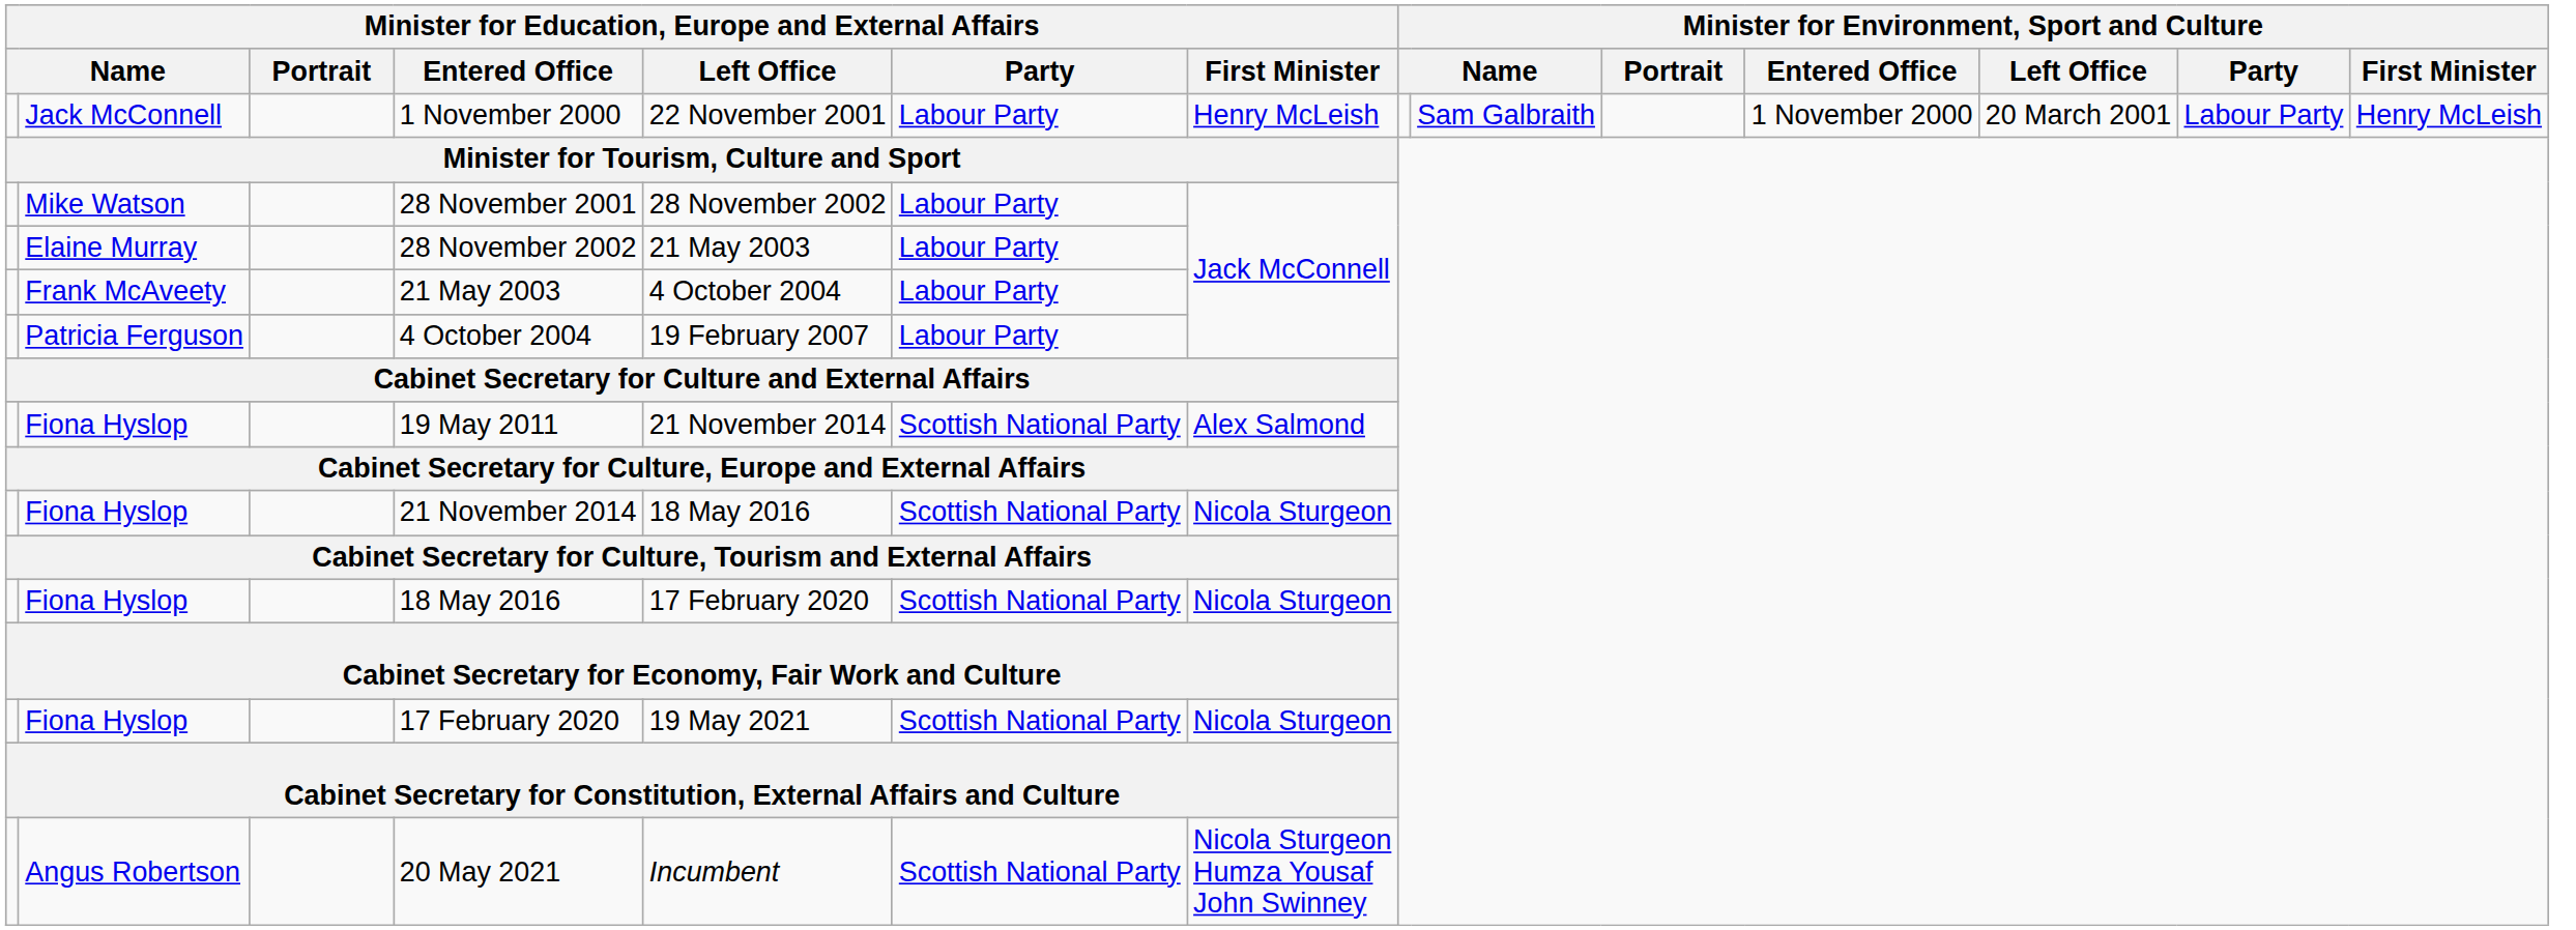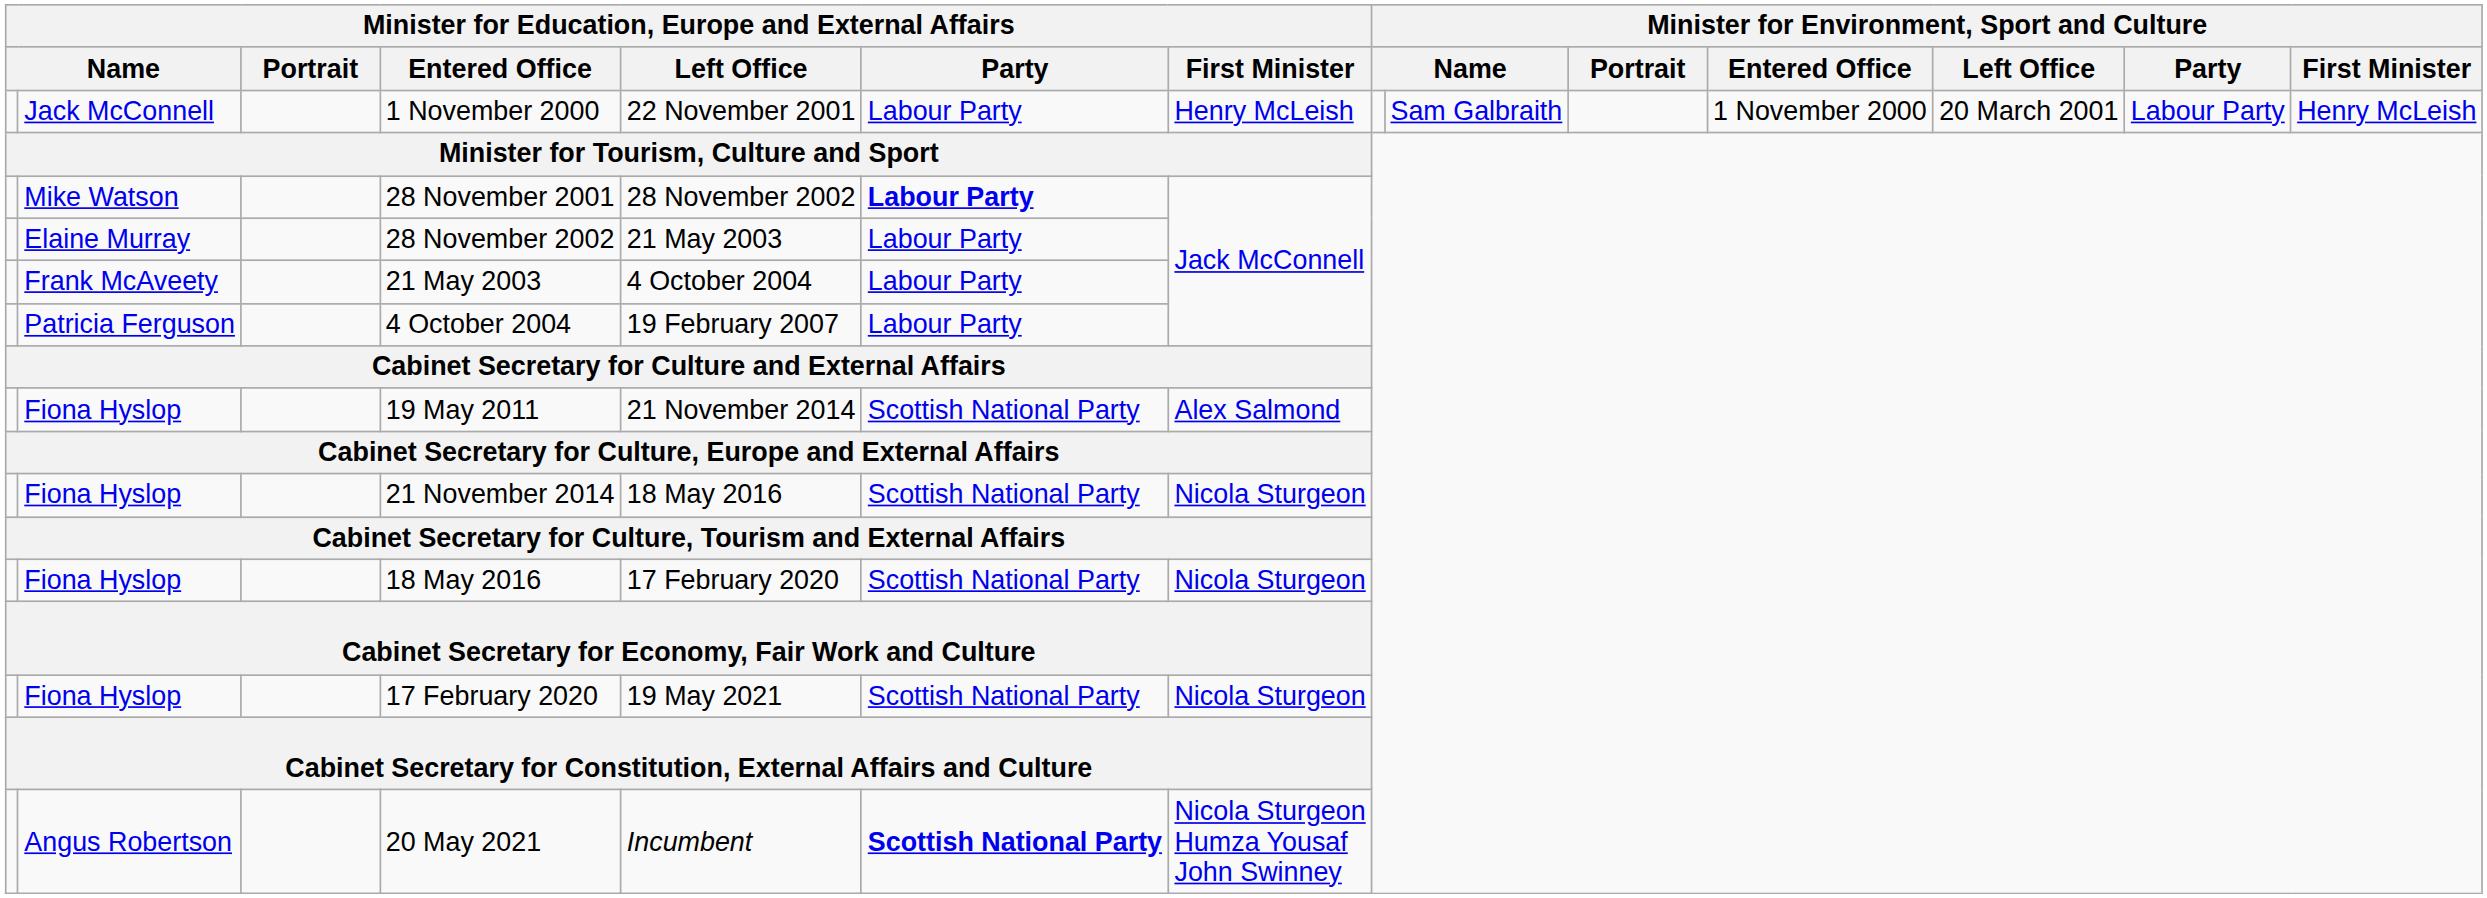 <table class="wikitable" style="margin: 0 0 0 1em; background: #f9f9f9; border: 1px #aaaaaa solid; border-collapse: collapse; ">
 <tr>
 <th colspan=7>Minister for Education, Europe and External Affairs</th>
 <th colspan=7>Minister for Environment, Sport and Culture</th>
 </tr>
 <tr>
 <th colspan="2">Name</th>
 <th width=75>Portrait</th>
 <th>Entered Office</th>
 <th>Left Office</th>
 <th>Party</th>
 <th>First Minister</th>
 <th colspan="2">Name</th>
 <th width=75>Portrait</th>
 <th>Entered Office</th>
 <th>Left Office</th>
 <th>Party</th>
 <th>First Minister</th>
 </tr>
 <tr>
 <td></td>
 <td><a href='#'>Jack McConnell</a></td>
 <td></td>
 <td>1 November 2000</td>
 <td>22 November 2001</td>
 <td><a href='#'>Labour Party</a></td>
 <td><a href='#'>Henry McLeish</a></td>
 <td></td>
 <td><a href='#'>Sam Galbraith</a></td>
 <td></td>
 <td>1 November 2000</td>
 <td>20 March 2001</td>
 <td><a href='#'>Labour Party</a></td>
 <td><a href='#'>Henry McLeish</a></td>
 </tr>
 <tr>
 <th colspan="7">Minister for Tourism, Culture and Sport</th>
 </tr>
 <tr>
 <td></td>
 <td><a href='#'>Mike Watson</a></td>
 <td></td>
 <td>28 November 2001</td>
 <td>28 November 2002</td>
-<td><a href='#'>Labour Party</a></td>
+<td><strong><a href='#'>Labour Party</a></strong></td>
 <td rowspan="4"><a href='#'>Jack McConnell</a></td>
 </tr>
 <tr>
 <td></td>
 <td><a href='#'>Elaine Murray</a></td>
 <td></td>
 <td>28 November 2002</td>
 <td>21 May 2003</td>
 <td><a href='#'>Labour Party</a></td>
 </tr>
 <tr>
 <td></td>
 <td><a href='#'>Frank McAveety</a></td>
 <td></td>
 <td>21 May 2003</td>
 <td>4 October 2004</td>
 <td><a href='#'>Labour Party</a></td>
 </tr>
 <tr>
 <td></td>
 <td><a href='#'>Patricia Ferguson</a></td>
 <td></td>
 <td>4 October 2004</td>
 <td>19 February 2007</td>
 <td><a href='#'>Labour Party</a></td>
 </tr>
 <tr>
 <th colspan="7">Cabinet Secretary for Culture and External Affairs</th>
 </tr>
 <tr>
 <td></td>
 <td><a href='#'>Fiona Hyslop</a></td>
 <td></td>
 <td>19 May 2011</td>
 <td>21 November 2014</td>
 <td><a href='#'>Scottish National Party</a></td>
 <td><a href='#'>Alex Salmond</a></td>
 </tr>
 <tr>
 <th colspan="7">Cabinet Secretary for Culture, Europe and External Affairs</th>
 </tr>
 <tr>
 <td></td>
 <td><a href='#'>Fiona Hyslop</a></td>
 <td></td>
 <td>21 November 2014</td>
 <td>18 May 2016</td>
 <td><a href='#'>Scottish National Party</a></td>
 <td><a href='#'>Nicola Sturgeon</a></td>
 </tr>
 <tr>
 <th colspan="7">Cabinet Secretary for Culture, Tourism and External Affairs</th>
 </tr>
 <tr>
 <td></td>
 <td><a href='#'>Fiona Hyslop</a></td>
 <td></td>
 <td>18 May 2016</td>
 <td>17 February 2020</td>
 <td><a href='#'>Scottish National Party</a></td>
 <td><a href='#'>Nicola Sturgeon</a></td>
 </tr>
 <tr>
 <th colspan="7"><br>Cabinet Secretary for Economy, Fair Work and Culture</th>
 </tr>
 <tr>
 <td></td>
 <td><a href='#'>Fiona Hyslop</a></td>
 <td></td>
 <td>17 February 2020</td>
 <td>19 May 2021</td>
 <td><a href='#'>Scottish National Party</a></td>
 <td><a href='#'>Nicola Sturgeon</a></td>
 </tr>
 <tr>
 <th colspan="7"><br>Cabinet Secretary for Constitution, External Affairs and Culture</th>
 </tr>
 <tr>
 <td></td>
 <td><a href='#'>Angus Robertson</a></td>
 <td></td>
 <td>20 May 2021</td>
 <td><em>Incumbent</em></td>
-<td><a href='#'>Scottish National Party</a></td>
+<td><strong><a href='#'>Scottish National Party</a></strong></td>
 <td><a href='#'>Nicola Sturgeon</a><br><a href='#'>Humza Yousaf</a><br><a href='#'>John Swinney</a></td>
 </tr>
 <tr>
 </tr>
 </table>
